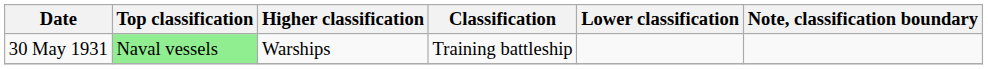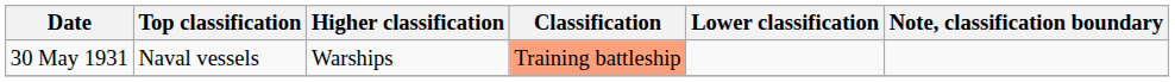 <table class="wikitable">
 <tr>
 <th>Date</th>
 <th>Top classification</th>
 <th>Higher classification</th>
 <th>Classification</th>
 <th>Lower classification</th>
 <th>Note, classification boundary</th>
 </tr>
 <tr>
 <td>30 May 1931</td>
-<td style="background: lightgreen;">Naval vessels</td>
+<td>Naval vessels</td>
 <td>Warships</td>
-<td>Training battleship</td>
+<td style="background: lightsalmon;">Training battleship</td>
 <td></td>
 <td></td>
 </tr>
 <tr>
 </tr>
 </table>
